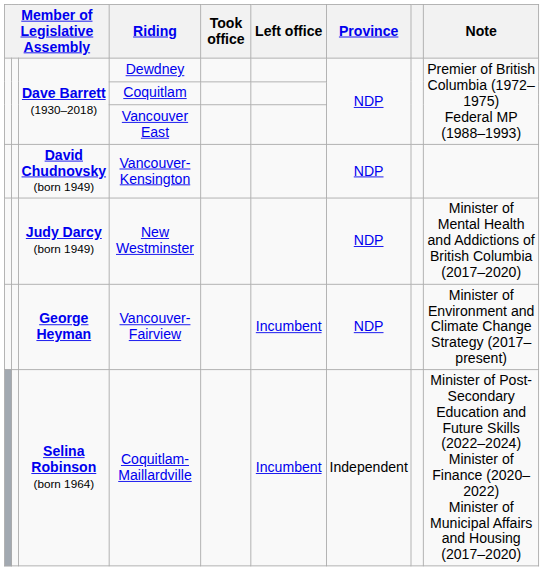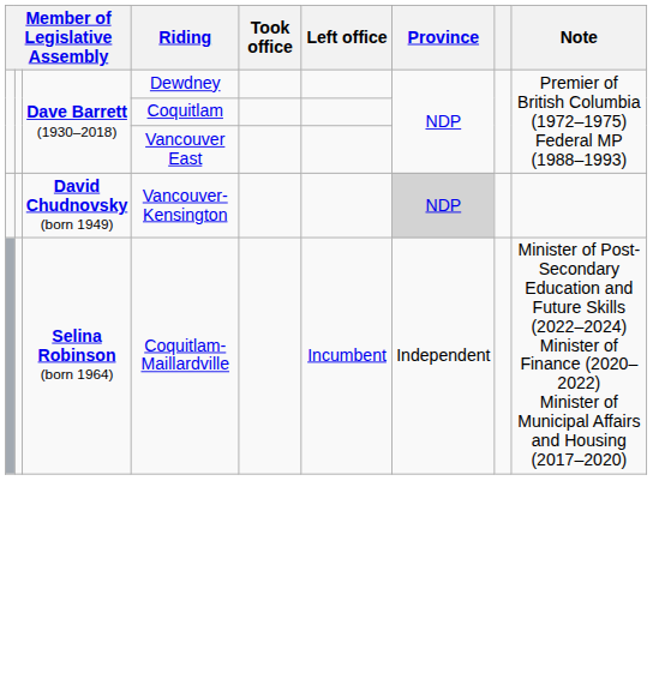 <table class="wikitable sortable plainrowheaders" style="text-align:center">
 <tr>
 <th colspan="3" class=unsortable><a href='#'>Member of Legislative Assembly</a></th>
 <th scope="col" width=150px><a href='#'>Riding</a></th>
 <th scope="col" width=100px>Took office</th>
 <th scope="col" width=100px>Left office</th>
 <th scope="col" width=70px><a href='#'>Province</a></th>
 <th scope="col" class=unsortable width=55px></th>
 <th scope="col" class=unsortable width=350px>Note</th>
 </tr>
 <tr>
 <td rowspan="3" style="background:"></td>
 <td rowspan="3"></td>
 <td rowspan="3"><strong><a href='#'>Dave Barrett</a></strong><br><small>(1930–2018)</small></td>
 <td><a href='#'>Dewdney</a></td>
 <td></td>
 <td></td>
 <td rowspan="3"><a href='#'>NDP</a></td>
 <td rowspan="3"></td>
 <td rowspan="3">Premier of British Columbia (1972–1975)<br>Federal MP (1988–1993)</td>
 </tr>
 <tr>
 <td><a href='#'>Coquitlam</a></td>
 <td></td>
 <td></td>
 </tr>
 <tr>
 <td><a href='#'>Vancouver East</a></td>
 <td></td>
 <td></td>
 </tr>
 <tr>
 <td style="background:"></td>
 <td></td>
 <td><strong><a href='#'>David Chudnovsky</a></strong><br><small>(born 1949)</small></td>
 <td><a href='#'>Vancouver-Kensington</a></td>
 <td></td>
 <td></td>
-<td><a href='#'>NDP</a></td>
+<td style="background: lightgrey;"><a href='#'>NDP</a></td>
 <td></td>
 <td></td>
-</tr>
-<tr>
-<td style="background:"></td>
-<td></td>
-<td><strong><a href='#'>Judy Darcy</a></strong><br><small>(born 1949)</small></td>
-<td><a href='#'>New Westminster</a></td>
-<td></td>
-<td></td>
-<td><a href='#'>NDP</a></td>
-<td></td>
-<td>Minister of Mental Health and Addictions of British Columbia (2017–2020)</td>
-</tr>
-<tr>
-<td style="background:"></td>
-<td></td>
-<td><strong><a href='#'>George Heyman</a></strong><br></td>
-<td><a href='#'>Vancouver-Fairview</a></td>
-<td></td>
-<td><a href='#'>Incumbent</a></td>
-<td><a href='#'>NDP</a></td>
-<td></td>
-<td>Minister of Environment and Climate Change Strategy (2017–present)</td>
 </tr>
 <tr>
 <td style="background:#a2a9b1; width: 8px"></td>
 <td></td>
 <td><strong><a href='#'>Selina Robinson</a></strong><br><small>(born 1964)</small></td>
 <td><a href='#'>Coquitlam-Maillardville</a></td>
 <td></td>
 <td><a href='#'>Incumbent</a></td>
 <td>Independent</td>
 <td></td>
 <td>Minister of Post-Secondary Education and Future Skills (2022–2024)<br>Minister of Finance (2020–2022)<br>Minister of Municipal Affairs and Housing (2017–2020)</td>
 </tr>
 </table>
